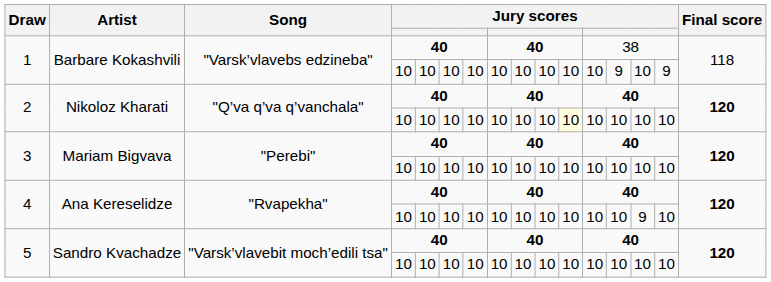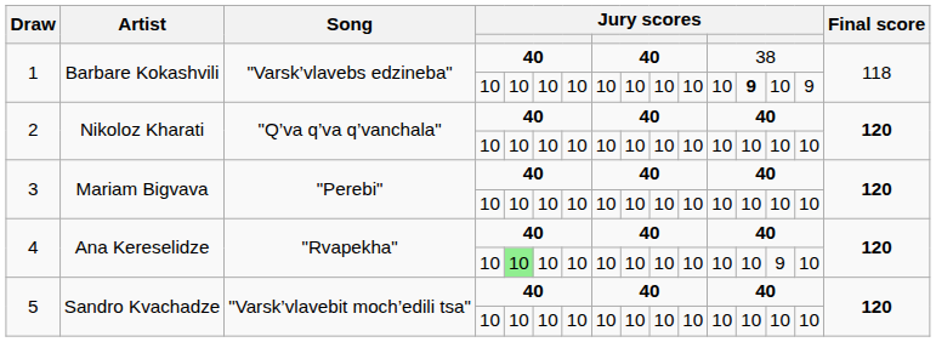 <table class="sortable wikitable" style="text-align:center;margin:1em auto 1em auto">
 <tr>
 <th rowspan="2" scope="col">Draw</th>
 <th rowspan="2" scope="col">Artist</th>
 <th rowspan="2" scope="col">Song</th>
 <th colspan="12" scope="col">Jury scores</th>
 <th rowspan="2" scope="col">Final score</th>
 </tr>
 <tr>
 <th colspan="4" class="unsortable" scope="col"><small></small></th>
 <th colspan="4" class="unsortable" scope="col"><small></small></th>
 <th colspan="4" class="unsortable" scope="col"><small></small></th>
 </tr>
 <tr>
 <td rowspan="2">1</td>
 <td rowspan="2">Barbare Kokashvili</td>
 <td rowspan="2">"Varsk’vlavebs edzineba"<br></td>
 <td colspan="4"><strong>40</strong></td>
 <td colspan="4"><strong>40</strong></td>
 <td colspan="4">38</td>
 <td rowspan="2">118</td>
 </tr>
 <tr>
 <td>10</td>
 <td>10</td>
 <td>10</td>
 <td>10</td>
 <td>10</td>
 <td>10</td>
 <td>10</td>
 <td>10</td>
 <td>10</td>
-<td>9</td>
+<td><strong>9</strong></td>
 <td>10</td>
 <td>9</td>
 </tr>
 <tr>
 <td rowspan="2">2</td>
 <td rowspan="2">Nikoloz Kharati</td>
 <td rowspan="2">"Q’va q’va q’vanchala"<br></td>
 <td colspan="4"><strong>40</strong></td>
 <td colspan="4"><strong>40</strong></td>
 <td colspan="4"><strong>40</strong></td>
 <td rowspan="2"><strong>120</strong></td>
 </tr>
 <tr>
 <td>10</td>
 <td>10</td>
 <td>10</td>
 <td>10</td>
 <td>10</td>
 <td>10</td>
 <td>10</td>
-<td style="background: lightyellow;">10</td>
+<td>10</td>
 <td>10</td>
 <td>10</td>
 <td>10</td>
 <td>10</td>
 </tr>
 <tr>
 <td rowspan="2">3</td>
 <td rowspan="2">Mariam Bigvava</td>
 <td rowspan="2">"Perebi"<br></td>
 <td colspan="4"><strong>40</strong></td>
 <td colspan="4"><strong>40</strong></td>
 <td colspan="4"><strong>40</strong></td>
 <td rowspan="2"><strong>120</strong></td>
 </tr>
 <tr>
 <td>10</td>
 <td>10</td>
 <td>10</td>
 <td>10</td>
 <td>10</td>
 <td>10</td>
 <td>10</td>
 <td>10</td>
 <td>10</td>
 <td>10</td>
 <td>10</td>
 <td>10</td>
 </tr>
 <tr>
 <td rowspan="2">4</td>
 <td rowspan="2">Ana Kereselidze</td>
 <td rowspan="2">"Rvapekha"<br></td>
 <td colspan="4"><strong>40</strong></td>
 <td colspan="4"><strong>40</strong></td>
 <td colspan="4"><strong>40</strong></td>
 <td rowspan="2"><strong>120</strong></td>
 </tr>
 <tr>
 <td>10</td>
-<td>10</td>
+<td style="background: lightgreen;">10</td>
 <td>10</td>
 <td>10</td>
 <td>10</td>
 <td>10</td>
 <td>10</td>
 <td>10</td>
 <td>10</td>
 <td>10</td>
 <td>9</td>
 <td>10</td>
 </tr>
 <tr>
 <td rowspan="2">5</td>
 <td rowspan="2">Sandro Kvachadze</td>
 <td rowspan="2">"Varsk’vlavebit moch’edili tsa"<br></td>
 <td colspan="4"><strong>40</strong></td>
 <td colspan="4"><strong>40</strong></td>
 <td colspan="4"><strong>40</strong></td>
 <td rowspan="2"><strong>120</strong></td>
 </tr>
 <tr>
 <td>10</td>
 <td>10</td>
 <td>10</td>
 <td>10</td>
 <td>10</td>
 <td>10</td>
 <td>10</td>
 <td>10</td>
 <td>10</td>
 <td>10</td>
 <td>10</td>
 <td>10</td>
 </tr>
 </table>
